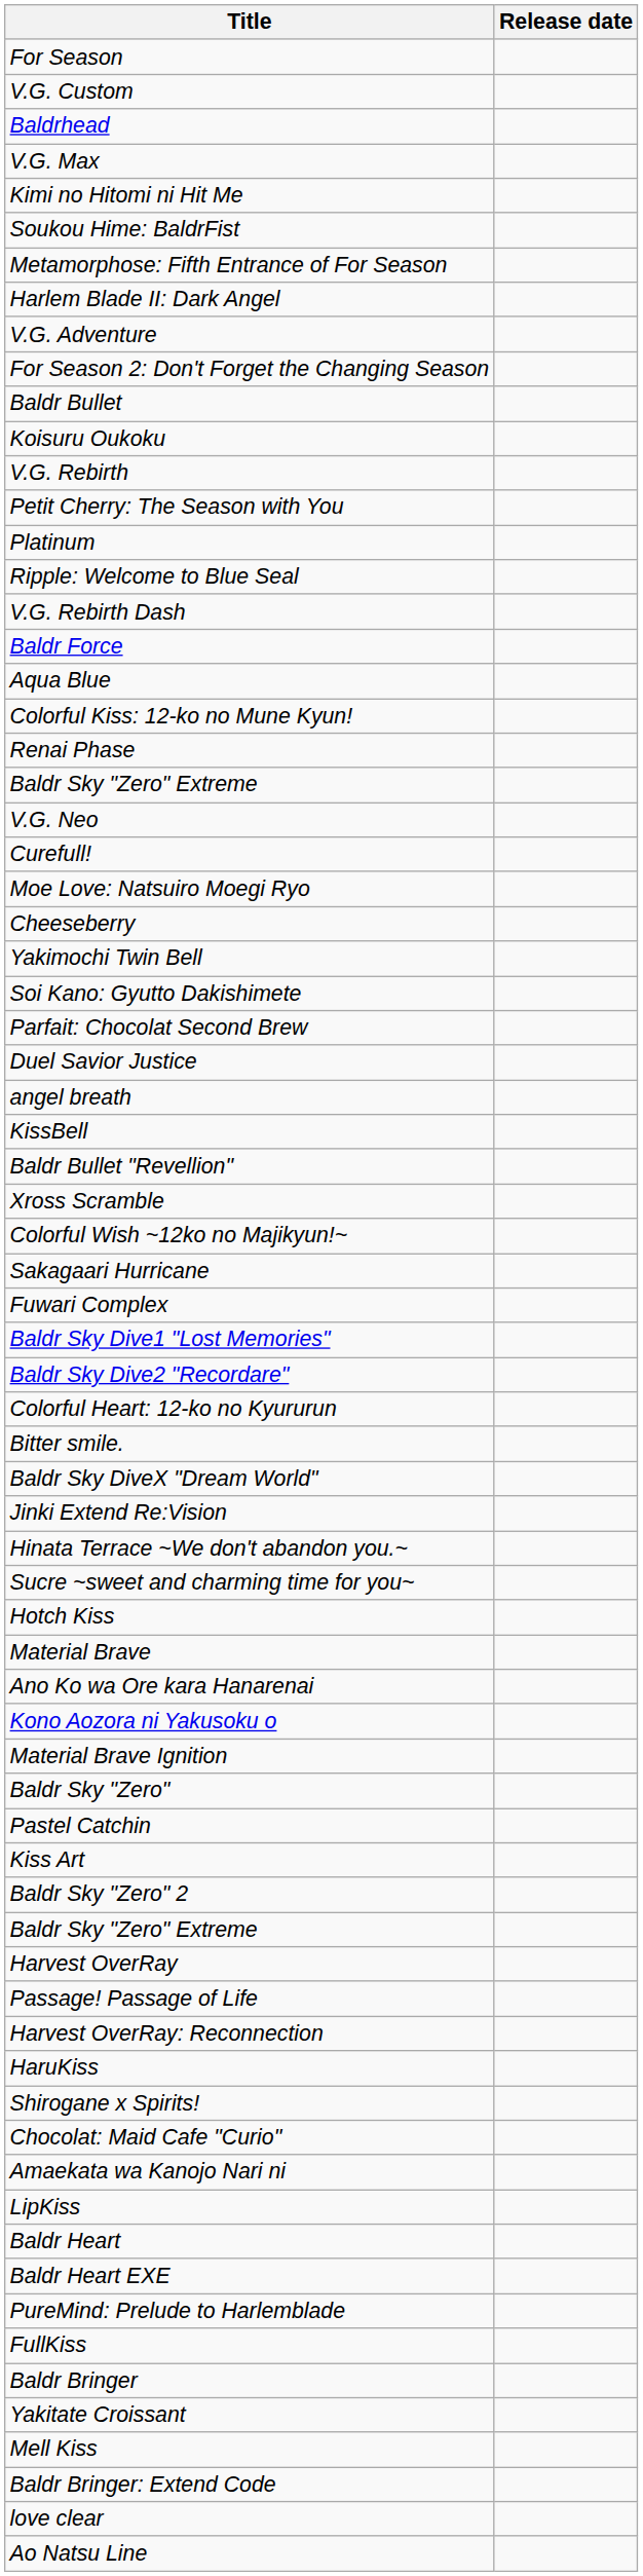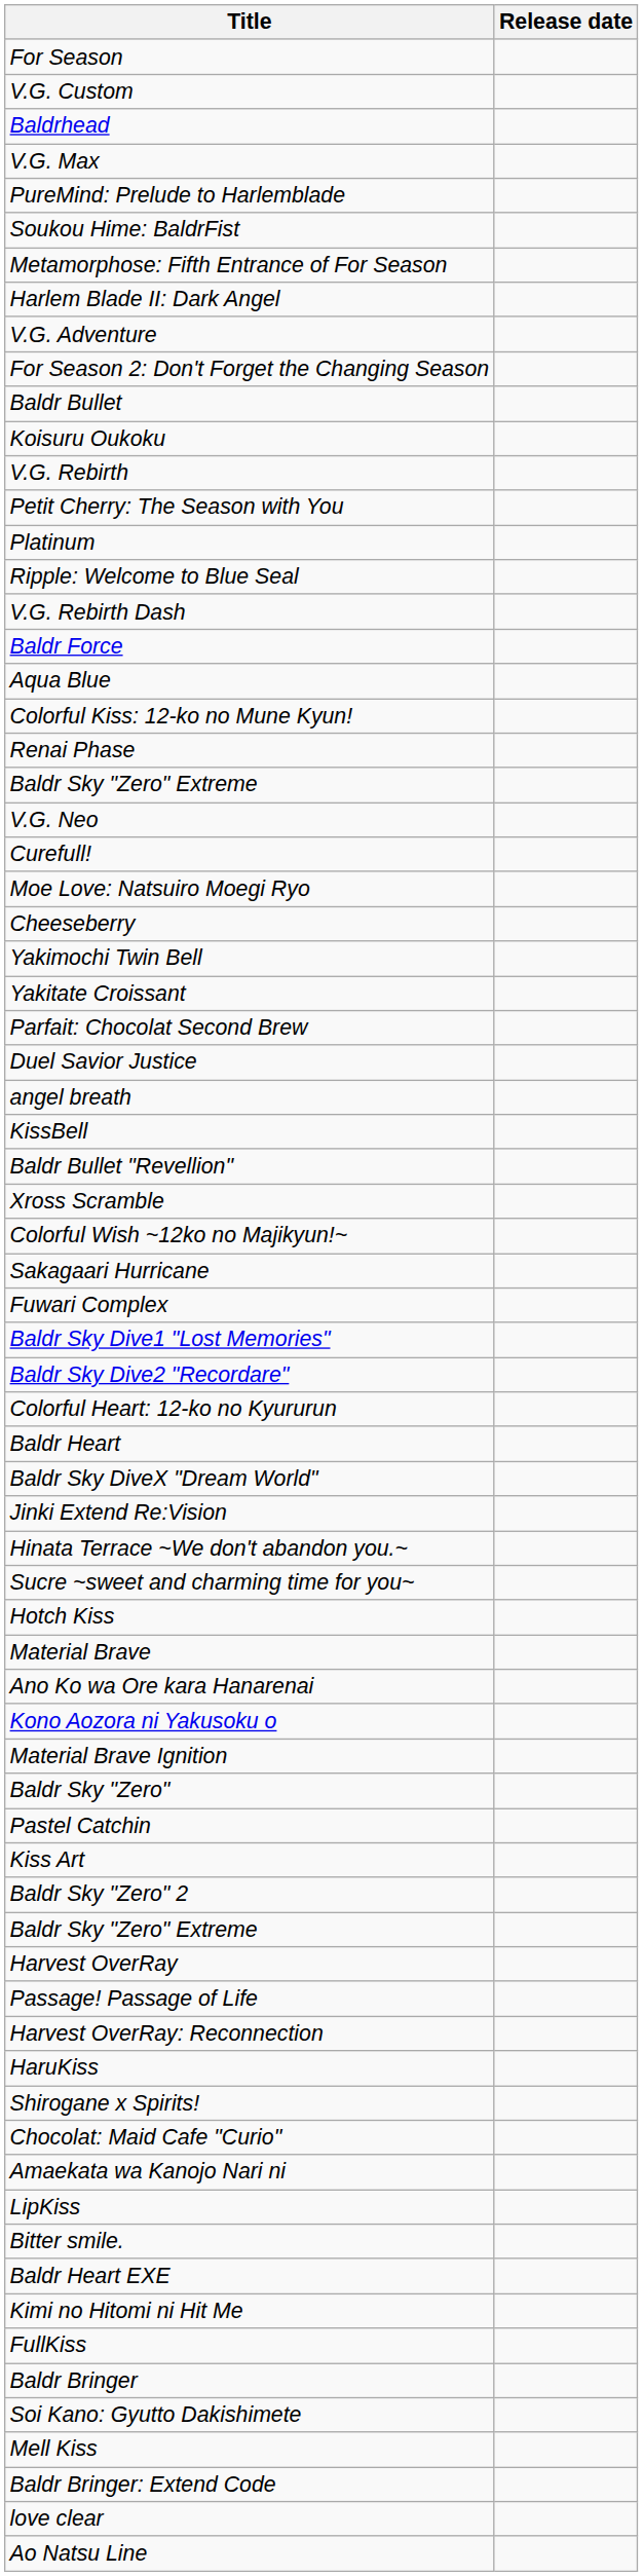 <table class="wikitable sortable" width="auto">
 <tr>
 <th>Title</th>
 <th>Release date</th>
 </tr>
 <tr>
 <td><em>For Season</em></td>
 <td></td>
 </tr>
 <tr>
 <td><em>V.G. Custom</em></td>
 <td></td>
 </tr>
 <tr>
 <td><em><a href='#'>Baldrhead</a></em></td>
 <td></td>
 </tr>
 <tr>
 <td><em>V.G. Max</em></td>
 <td></td>
 </tr>
 <tr>
-<td><em>Kimi no Hitomi ni Hit Me</em></td>
+<td><em>PureMind: Prelude to Harlemblade</em></td>
 <td></td>
 </tr>
 <tr>
 <td><em>Soukou Hime: BaldrFist</em></td>
 <td></td>
 </tr>
 <tr>
 <td><em>Metamorphose: Fifth Entrance of For Season</em></td>
 <td></td>
 </tr>
 <tr>
 <td><em>Harlem Blade II: Dark Angel</em></td>
 <td></td>
 </tr>
 <tr>
 <td><em>V.G. Adventure</em></td>
 <td></td>
 </tr>
 <tr>
 <td><em>For Season 2: Don't Forget the Changing Season</em></td>
 <td></td>
 </tr>
 <tr>
 <td><em>Baldr Bullet</em></td>
 <td></td>
 </tr>
 <tr>
 <td><em>Koisuru Oukoku</em></td>
 <td></td>
 </tr>
 <tr>
 <td><em>V.G. Rebirth</em></td>
 <td></td>
 </tr>
 <tr>
 <td><em>Petit Cherry: The Season with You</em></td>
 <td></td>
 </tr>
 <tr>
 <td><em>Platinum</em></td>
 <td></td>
 </tr>
 <tr>
 <td><em>Ripple: Welcome to Blue Seal</em></td>
 <td></td>
 </tr>
 <tr>
 <td><em>V.G. Rebirth Dash</em></td>
 <td></td>
 </tr>
 <tr>
 <td><em><a href='#'>Baldr Force</a></em></td>
 <td></td>
 </tr>
 <tr>
 <td><em>Aqua Blue</em></td>
 <td></td>
 </tr>
 <tr>
 <td><em>Colorful Kiss: 12-ko no Mune Kyun!</em></td>
 <td></td>
 </tr>
 <tr>
 <td><em>Renai Phase</em></td>
 <td></td>
 </tr>
 <tr>
 <td><em>Baldr Sky "Zero" Extreme</em></td>
 <td></td>
 </tr>
 <tr>
 <td><em>V.G. Neo</em></td>
 <td></td>
 </tr>
 <tr>
 <td><em>Curefull!</em></td>
 <td></td>
 </tr>
 <tr>
 <td><em>Moe Love: Natsuiro Moegi Ryo</em></td>
 <td></td>
 </tr>
 <tr>
 <td><em>Cheeseberry</em></td>
 <td></td>
 </tr>
 <tr>
 <td><em>Yakimochi Twin Bell</em></td>
 <td></td>
 </tr>
 <tr>
-<td><em>Soi Kano: Gyutto Dakishimete</em></td>
+<td><em>Yakitate Croissant</em></td>
 <td></td>
 </tr>
 <tr>
 <td><em>Parfait: Chocolat Second Brew</em></td>
 <td></td>
 </tr>
 <tr>
 <td><em>Duel Savior Justice</em></td>
 <td></td>
 </tr>
 <tr>
 <td><em>angel breath</em></td>
 <td></td>
 </tr>
 <tr>
 <td><em>KissBell</em></td>
 <td></td>
 </tr>
 <tr>
 <td><em>Baldr Bullet "Revellion"</em></td>
 <td></td>
 </tr>
 <tr>
 <td><em>Xross Scramble</em></td>
 <td></td>
 </tr>
 <tr>
 <td><em>Colorful Wish ~12ko no Majikyun!~</em></td>
 <td></td>
 </tr>
 <tr>
 <td><em>Sakagaari Hurricane</em></td>
 <td></td>
 </tr>
 <tr>
 <td><em>Fuwari Complex</em></td>
 <td></td>
 </tr>
 <tr>
 <td><em><a href='#'>Baldr Sky Dive1 "Lost Memories"</a></em></td>
 <td></td>
 </tr>
 <tr>
 <td><em><a href='#'>Baldr Sky Dive2 "Recordare"</a></em></td>
 <td></td>
 </tr>
 <tr>
 <td><em>Colorful Heart: 12-ko no Kyururun</em></td>
 <td></td>
 </tr>
 <tr>
-<td><em>Bitter smile.</em></td>
+<td><em>Baldr Heart</em></td>
 <td></td>
 </tr>
 <tr>
 <td><em>Baldr Sky DiveX "Dream World"</em></td>
 <td></td>
 </tr>
 <tr>
 <td><em>Jinki Extend Re:Vision</em></td>
 <td></td>
 </tr>
 <tr>
 <td><em>Hinata Terrace ~We don't abandon you.~</em></td>
 <td></td>
 </tr>
 <tr>
 <td><em>Sucre ~sweet and charming time for you~</em></td>
 <td></td>
 </tr>
 <tr>
 <td><em>Hotch Kiss</em></td>
 <td></td>
 </tr>
 <tr>
 <td><em>Material Brave</em></td>
 <td></td>
 </tr>
 <tr>
 <td><em>Ano Ko wa Ore kara Hanarenai</em></td>
 <td></td>
 </tr>
 <tr>
 <td><em><a href='#'>Kono Aozora ni Yakusoku o</a></em></td>
 <td></td>
 </tr>
 <tr>
 <td><em>Material Brave Ignition</em></td>
 <td></td>
 </tr>
 <tr>
 <td><em>Baldr Sky "Zero"</em></td>
 <td></td>
 </tr>
 <tr>
 <td><em>Pastel Catchin</em></td>
 <td></td>
 </tr>
 <tr>
 <td><em>Kiss Art</em></td>
 <td></td>
 </tr>
 <tr>
 <td><em>Baldr Sky "Zero" 2</em></td>
 <td></td>
 </tr>
 <tr>
 <td><em>Baldr Sky "Zero" Extreme</em></td>
 <td></td>
 </tr>
 <tr>
 <td><em>Harvest OverRay</em></td>
 <td></td>
 </tr>
 <tr>
 <td><em>Passage! Passage of Life</em></td>
 <td></td>
 </tr>
 <tr>
 <td><em>Harvest OverRay: Reconnection</em></td>
 <td></td>
 </tr>
 <tr>
 <td><em>HaruKiss</em></td>
 <td></td>
 </tr>
 <tr>
 <td><em>Shirogane x Spirits!</em></td>
 <td></td>
 </tr>
 <tr>
 <td><em>Chocolat: Maid Cafe "Curio"</em></td>
 <td></td>
 </tr>
 <tr>
 <td><em>Amaekata wa Kanojo Nari ni</em></td>
 <td></td>
 </tr>
 <tr>
 <td><em>LipKiss</em></td>
 <td></td>
 </tr>
 <tr>
-<td><em>Baldr Heart</em></td>
+<td><em>Bitter smile.</em></td>
 <td></td>
 </tr>
 <tr>
 <td><em>Baldr Heart EXE</em></td>
 <td></td>
 </tr>
 <tr>
-<td><em>PureMind: Prelude to Harlemblade</em></td>
+<td><em>Kimi no Hitomi ni Hit Me</em></td>
 <td></td>
 </tr>
 <tr>
 <td><em>FullKiss</em></td>
 <td></td>
 </tr>
 <tr>
 <td><em>Baldr Bringer</em></td>
 <td></td>
 </tr>
 <tr>
-<td><em>Yakitate Croissant</em></td>
+<td><em>Soi Kano: Gyutto Dakishimete</em></td>
 <td></td>
 </tr>
 <tr>
 <td><em>Mell Kiss</em></td>
 <td></td>
 </tr>
 <tr>
 <td><em>Baldr Bringer: Extend Code</em></td>
 <td></td>
 </tr>
 <tr>
 <td><em>love clear</em></td>
 <td></td>
 </tr>
 <tr>
 <td><em>Ao Natsu Line</em></td>
 <td></td>
 </tr>
 </table>
